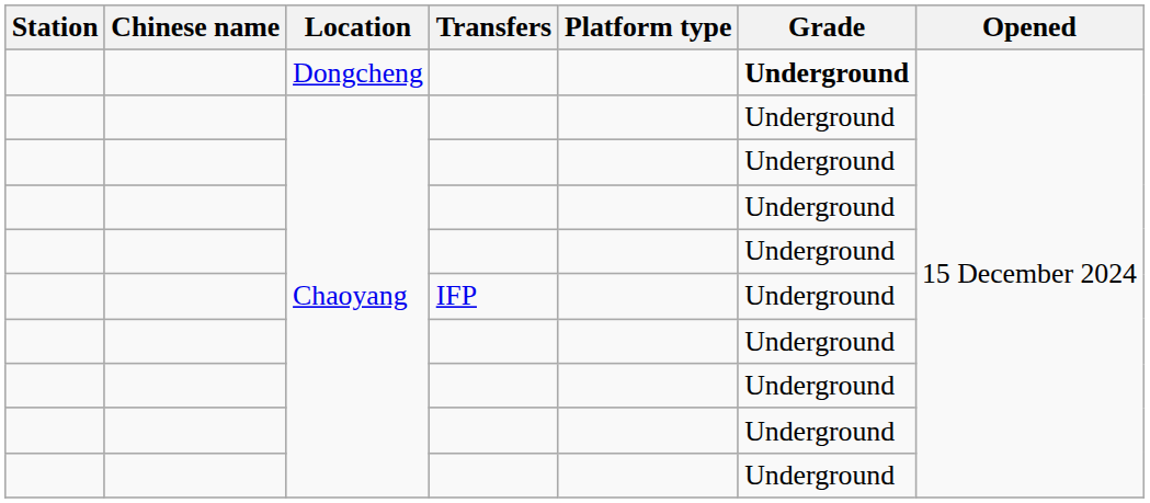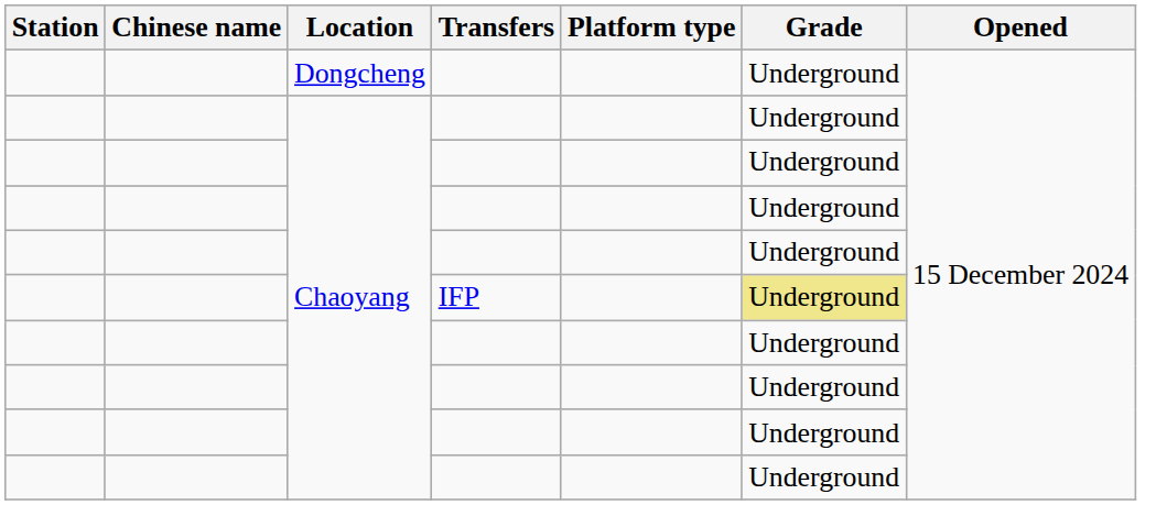 <table class=wikitable>
 <tr>
 <th>Station</th>
 <th>Chinese name</th>
 <th>Location</th>
 <th>Transfers</th>
 <th>Platform type</th>
 <th>Grade</th>
 <th>Opened</th>
 </tr>
 <tr>
 <td></td>
 <td><span></span></td>
 <td><a href='#'>Dongcheng</a></td>
 <td></td>
 <td></td>
-<td><strong>Underground</strong></td>
+<td>Underground</td>
 <td rowspan=10>15 December 2024</td>
 </tr>
 <tr>
 <td></td>
 <td><span></span></td>
 <td rowspan=9><a href='#'>Chaoyang</a></td>
 <td></td>
 <td></td>
 <td>Underground</td>
 </tr>
 <tr>
 <td></td>
 <td><span></span></td>
 <td></td>
 <td></td>
 <td>Underground</td>
 </tr>
 <tr>
 <td></td>
 <td><span></span></td>
 <td></td>
 <td></td>
 <td>Underground</td>
 </tr>
 <tr>
 <td></td>
 <td><span></span></td>
 <td></td>
 <td></td>
 <td>Underground</td>
 </tr>
 <tr>
 <td></td>
 <td><span></span></td>
 <td {{nowrap> <a href='#'>IFP</a></td>
 <td></td>
-<td>Underground</td>
+<td style="background: khaki;">Underground</td>
 </tr>
 <tr>
 <td></td>
 <td><span></span></td>
 <td></td>
 <td></td>
 <td>Underground</td>
 </tr>
 <tr>
 <td></td>
 <td><span></span></td>
 <td></td>
 <td></td>
 <td>Underground</td>
 </tr>
 <tr>
 <td></td>
 <td><span></span></td>
 <td></td>
 <td></td>
 <td>Underground</td>
 </tr>
 <tr>
 <td></td>
 <td><span></span></td>
 <td></td>
 <td></td>
 <td>Underground</td>
 </tr>
 </table>
